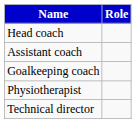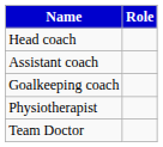 <table class="wikitable">
 <tr>
 <th style="width=30; background:#0000CD; color: #FFFFFF;">Name</th>
 <th style="width=30; background:#0000CD; color: #FFFFFF;">Role</th>
 </tr>
 <tr>
 <td>Head coach</td>
 <td></td>
 </tr>
 <tr>
 <td>Assistant coach</td>
 <td></td>
 </tr>
 <tr>
 <td>Goalkeeping coach</td>
 <td></td>
 </tr>
 <tr>
 <td>Physiotherapist</td>
 <td></td>
 </tr>
 <tr>
-<td>Technical director</td>
+<td>Team Doctor</td>
 <td></td>
 </tr>
 </table>
